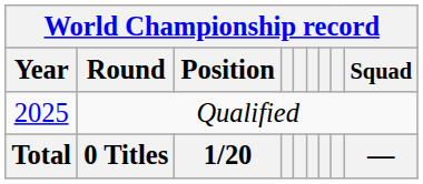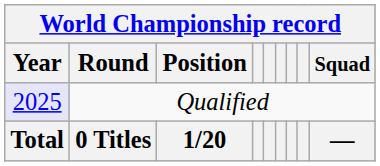 <table class="wikitable" style="text-align: center;">
 <tr>
 <th colspan=9><a href='#'>World Championship record</a></th>
 </tr>
 <tr>
 <th>Year</th>
 <th>Round</th>
 <th>Position</th>
 <th></th>
 <th></th>
 <th></th>
 <th></th>
 <th></th>
 <th><small>Squad</small></th>
 </tr>
 <tr>
-<td> <a href='#'>2025</a></td>
+<td style="background: lavender;"> <a href='#'>2025</a></td>
 <td colspan=8 align=center><em>Qualified</em></td>
 </tr>
 <tr>
 <th>Total</th>
 <th>0 Titles</th>
 <th>1/20</th>
 <th></th>
 <th></th>
 <th></th>
 <th></th>
 <th></th>
 <th>—</th>
 </tr>
 </table>
